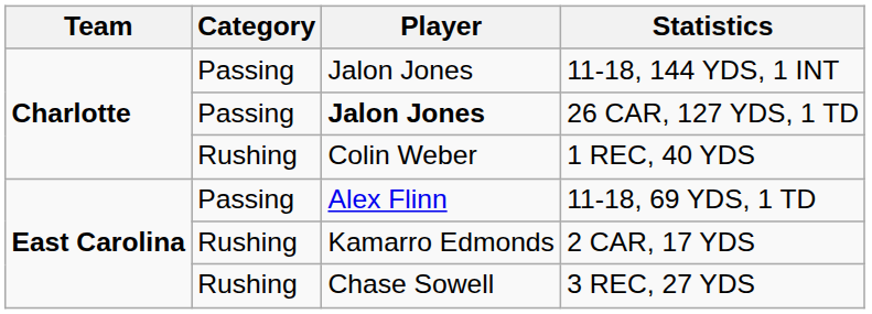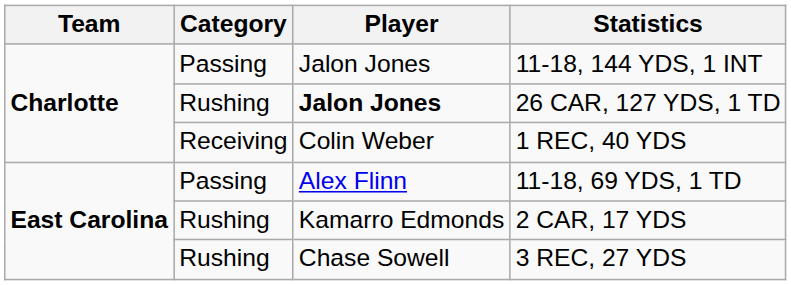 <table class="wikitable" style="float: left;">
 <tr>
 <th>Team</th>
 <th>Category</th>
 <th>Player</th>
 <th>Statistics</th>
 </tr>
 <tr>
 <td rowspan=3><strong>Charlotte</strong></td>
 <td>Passing</td>
 <td>Jalon Jones</td>
 <td>11-18, 144 YDS, 1 INT</td>
 </tr>
 <tr>
-<td>Passing</td>
+<td>Rushing</td>
 <td><strong>Jalon Jones</strong></td>
 <td>26 CAR, 127 YDS, 1 TD</td>
 </tr>
 <tr>
-<td>Rushing</td>
+<td>Receiving</td>
 <td>Colin Weber</td>
 <td>1 REC, 40 YDS</td>
 </tr>
 <tr>
 <td rowspan=3><strong>East Carolina</strong></td>
 <td>Passing</td>
 <td><a href='#'>Alex Flinn</a></td>
 <td>11-18, 69 YDS, 1 TD</td>
 </tr>
 <tr>
 <td>Rushing</td>
 <td>Kamarro Edmonds</td>
 <td>2 CAR, 17 YDS</td>
 </tr>
 <tr>
 <td>Rushing</td>
 <td>Chase Sowell</td>
 <td>3 REC, 27 YDS</td>
 </tr>
 </table>
